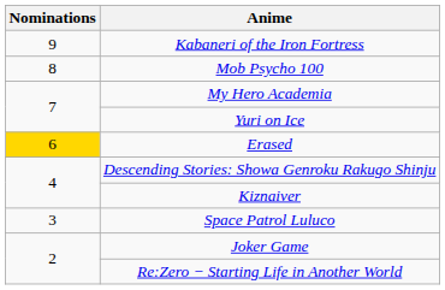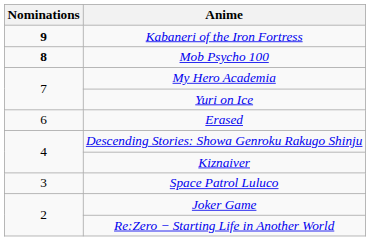 <table class="wikitable" style="text-align:center;">
 <tr>
 <th scope="col" width="55">Nominations</th>
 <th scope="col" align="center">Anime</th>
 </tr>
 <tr>
-<td>9</td>
+<td><strong>9</strong></td>
 <td><em><a href='#'>Kabaneri of the Iron Fortress</a></em></td>
 </tr>
 <tr>
-<td>8</td>
+<td><strong>8</strong></td>
 <td><em><a href='#'>Mob Psycho 100</a></em></td>
 </tr>
 <tr>
 <td rowspan="2">7</td>
 <td><em><a href='#'>My Hero Academia</a></em></td>
 </tr>
 <tr>
 <td><em><a href='#'>Yuri on Ice</a></em></td>
 </tr>
 <tr>
-<td style="background: gold;">6</td>
+<td>6</td>
 <td><em><a href='#'>Erased</a></em></td>
 </tr>
 <tr>
 <td rowspan="2">4</td>
 <td><em><a href='#'>Descending Stories: Showa Genroku Rakugo Shinju</a></em></td>
 </tr>
 <tr>
 <td><em><a href='#'>Kiznaiver</a></em></td>
 </tr>
 <tr>
 <td>3</td>
 <td><em><a href='#'>Space Patrol Luluco</a></em></td>
 </tr>
 <tr>
 <td rowspan="2">2</td>
 <td><em><a href='#'>Joker Game</a></em></td>
 </tr>
 <tr>
 <td><em><a href='#'>Re:Zero − Starting Life in Another World</a></em></td>
 </tr>
 </table>
